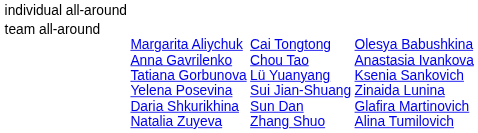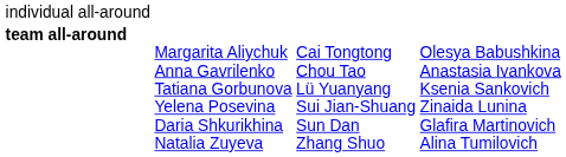 <table>
 <tr>
 <td>individual all-around<br></td>
 <td></td>
 <td></td>
 <td></td>
 </tr>
 <tr valign="top">
-<td>team all-around<br></td>
+<td><strong>team all-around<br></strong></td>
 <td><br><a href='#'>Margarita Aliychuk</a><br><a href='#'>Anna Gavrilenko</a><br><a href='#'>Tatiana Gorbunova</a><br><a href='#'>Yelena Posevina</a><br><a href='#'>Daria Shkurikhina</a><br><a href='#'>Natalia Zuyeva</a></td>
 <td><br><a href='#'>Cai Tongtong</a><br><a href='#'>Chou Tao</a><br><a href='#'>Lü Yuanyang</a><br><a href='#'>Sui Jian-Shuang</a><br><a href='#'>Sun Dan</a><br><a href='#'>Zhang Shuo</a></td>
 <td><br><a href='#'>Olesya Babushkina</a><br><a href='#'>Anastasia Ivankova</a><br><a href='#'>Ksenia Sankovich</a><br><a href='#'>Zinaida Lunina</a><br><a href='#'>Glafira Martinovich</a><br><a href='#'>Alina Tumilovich</a></td>
 </tr>
 </table>
